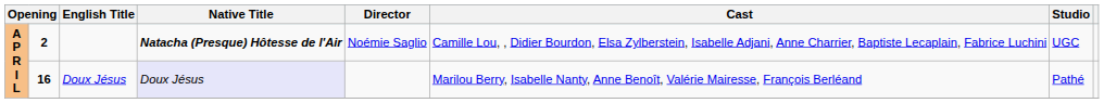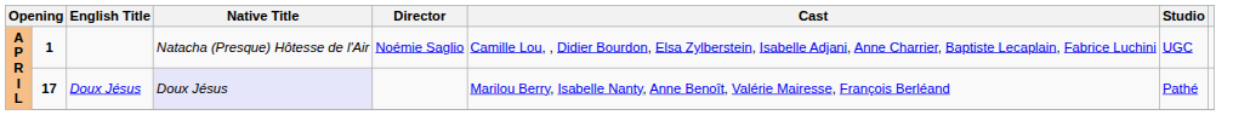 <table class="wikitable sortable">
 <tr style="background:#b0e0e6; text-align:center;">
 <th colspan="2">Opening</th>
 <th>English Title</th>
 <th>Native Title</th>
 <th>Director</th>
 <th>Cast</th>
 <th>Studio</th>
 <th></th>
 </tr>
 <tr>
 <th rowspan="3" style="text-align:center; background:#f7bf87; ">A<br>P<br>R<br>I<br>L</th>
-<td rowspan="1" style="text-align:center;"><strong>2</strong></td>
+<td rowspan="1" style="text-align:center;"><strong>1</strong></td>
 <td><em></em></td>
-<td><strong><em>Natacha (Presque) Hôtesse de l'Air</em></strong></td>
+<td><em>Natacha (Presque) Hôtesse de l'Air</em></td>
 <td><a href='#'>Noémie Saglio</a></td>
 <td><a href='#'>Camille Lou</a>, , <a href='#'>Didier Bourdon</a>, <a href='#'>Elsa Zylberstein</a>, <a href='#'>Isabelle Adjani</a>, <a href='#'>Anne Charrier</a>, <a href='#'>Baptiste Lecaplain</a>, <a href='#'>Fabrice Luchini</a></td>
 <td><a href='#'>UGC</a></td>
 <td></td>
 </tr>
 <tr>
-<td rowspan="1" style="text-align:center;"><strong>16</strong></td>
+<td rowspan="1" style="text-align:center;"><strong>17</strong></td>
 <td><em><a href='#'>Doux Jésus</a></em></td>
 <td style="background: lavender;"><em>Doux Jésus</em></td>
 <td></td>
 <td><a href='#'>Marilou Berry</a>, <a href='#'>Isabelle Nanty</a>, <a href='#'>Anne Benoît</a>, <a href='#'>Valérie Mairesse</a>, <a href='#'>François Berléand</a></td>
 <td><a href='#'>Pathé</a></td>
 <td></td>
 </tr>
 <tr>
 </tr>
 </table>
